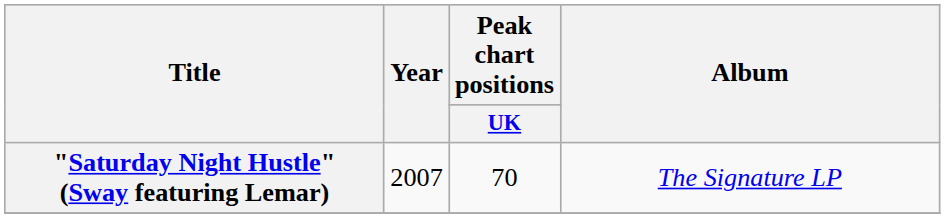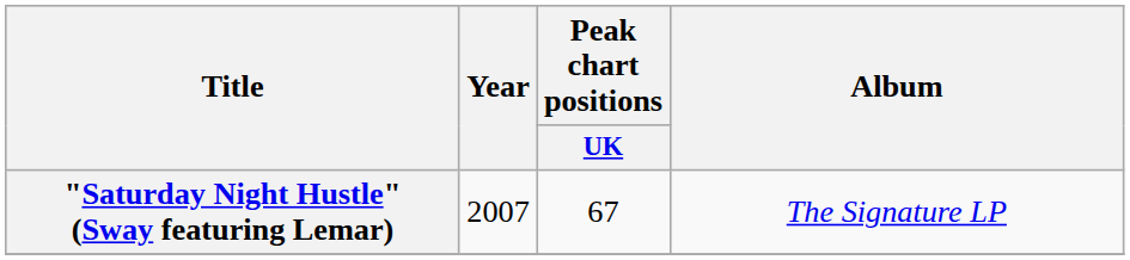 <table class="wikitable plainrowheaders" style="text-align:center;" border="1">
 <tr>
 <th scope="col" rowspan="2" style="width:14em;">Title</th>
 <th scope="col" rowspan="2">Year</th>
 <th scope="col" colspan="1">Peak chart positions</th>
 <th scope="col" rowspan="2" style="width:14em;">Album</th>
 </tr>
 <tr>
 <th scope="col" style="width:3em;font-size:85%;"><a href='#'>UK</a><br></th>
 </tr>
 <tr>
 <th scope="row">"<a href='#'>Saturday Night Hustle</a>" <br><span>(<a href='#'>Sway</a> featuring Lemar)</span></th>
 <td>2007</td>
-<td>70</td>
+<td>67</td>
 <td><em><a href='#'>The Signature LP</a></em></td>
 </tr>
 <tr>
 </tr>
 </table>
